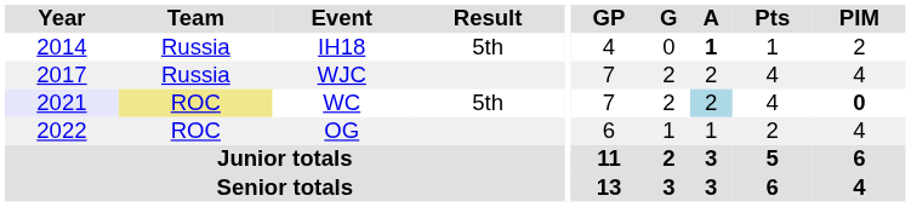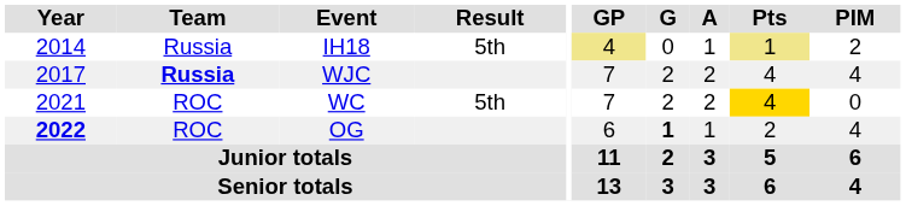 <table border="0" cellpadding="1" cellspacing="0" ID="Table3" style="text-align:center; width:40em">
 <tr ALIGN="center" bgcolor="#e0e0e0">
 <th>Year</th>
 <th>Team</th>
 <th>Event</th>
 <th>Result</th>
 <th rowspan="99" bgcolor="#ffffff"></th>
 <th>GP</th>
 <th>G</th>
 <th>A</th>
 <th>Pts</th>
 <th>PIM</th>
 </tr>
 <tr>
 <td><a href='#'>2014</a></td>
 <td><a href='#'>Russia</a></td>
 <td><a href='#'>IH18</a></td>
 <td>5th</td>
-<td>4</td>
+<td style="background: khaki;">4</td>
 <td>0</td>
-<td><strong>1</strong></td>
 <td>1</td>
+<td style="background: khaki;">1</td>
 <td>2</td>
 </tr>
 <tr bgcolor="#f0f0f0">
 <td><a href='#'>2017</a></td>
-<td><a href='#'>Russia</a></td>
+<td><strong><a href='#'>Russia</a></strong></td>
 <td><a href='#'>WJC</a></td>
 <td></td>
 <td>7</td>
 <td>2</td>
 <td>2</td>
 <td>4</td>
 <td>4</td>
 </tr>
 <tr>
-<td style="background: lavender;"><a href='#'>2021</a></td>
-<td style="background: khaki;"><a href='#'>ROC</a></td>
+<td><a href='#'>2021</a></td>
+<td><a href='#'>ROC</a></td>
 <td><a href='#'>WC</a></td>
 <td>5th</td>
 <td>7</td>
 <td>2</td>
-<td style="background: lightblue;">2</td>
-<td>4</td>
-<td><strong>0</strong></td>
+<td>2</td>
+<td style="background: gold;">4</td>
+<td>0</td>
 </tr>
 <tr bgcolor="#f0f0f0">
-<td><a href='#'>2022</a></td>
+<td><strong><a href='#'>2022</a></strong></td>
 <td><a href='#'>ROC</a></td>
 <td><a href='#'>OG</a></td>
 <td></td>
 <td>6</td>
-<td>1</td>
+<td><strong>1</strong></td>
 <td>1</td>
 <td>2</td>
 <td>4</td>
 </tr>
 <tr bgcolor="#e0e0e0">
 <th colspan="4">Junior totals</th>
 <th>11</th>
 <th>2</th>
 <th>3</th>
 <th>5</th>
 <th>6</th>
 </tr>
 <tr bgcolor="#e0e0e0">
 <th colspan="4">Senior totals</th>
 <th>13</th>
 <th>3</th>
 <th>3</th>
 <th>6</th>
 <th>4</th>
 </tr>
 </table>
